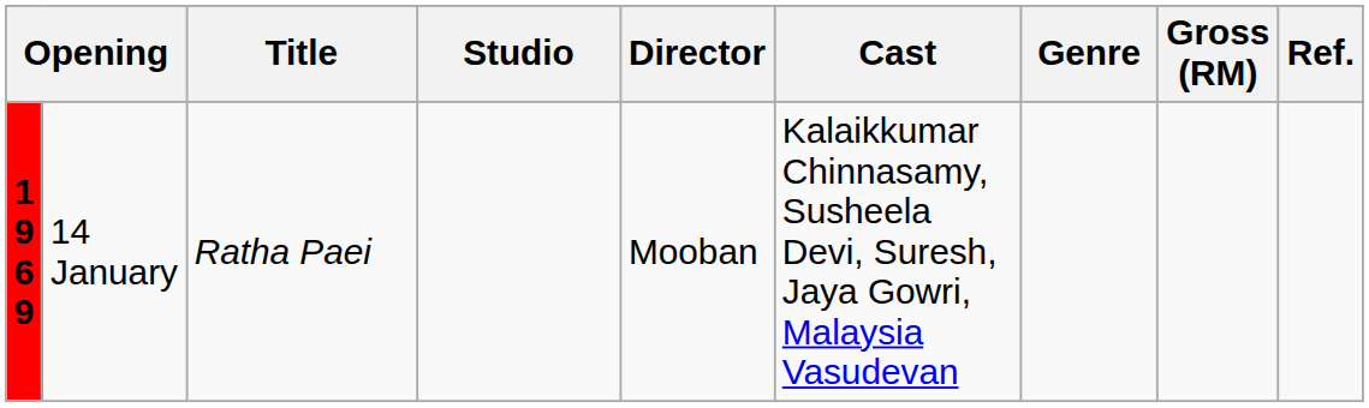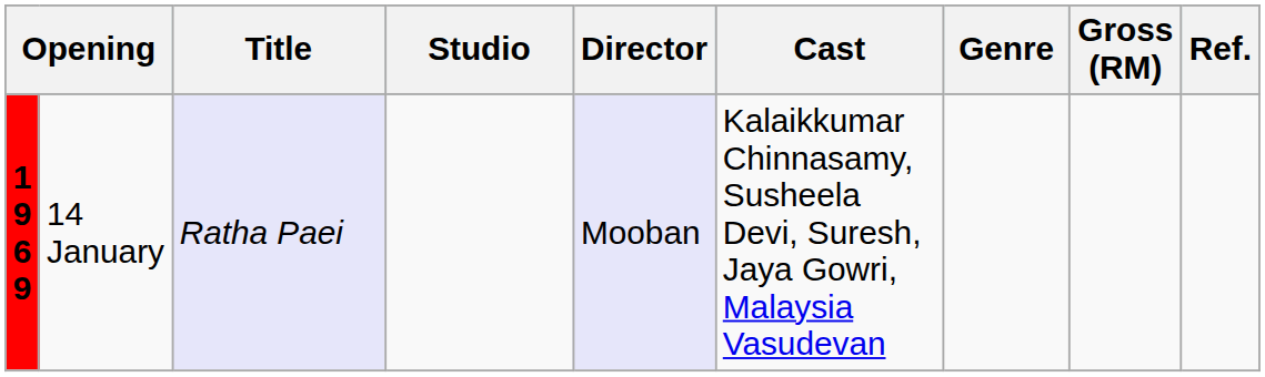 <table class="wikitable">
 <tr style="background:#b0e0e6; text-align:center;">
 <th colspan="2" ; style="width:10%;">Opening</th>
 <th style="width:17%;">Title</th>
 <th style="width:15%;">Studio</th>
 <th>Director</th>
 <th>Cast</th>
 <th style="width:10%;">Genre</th>
 <th>Gross (RM)</th>
 <th>Ref.</th>
 </tr>
 <tr>
 <th rowspan="1" style="text-align:center; background:#ff0000; textcolor:#000;">1<br>9<br>6<br>9</th>
 <td>14 January</td>
-<td><em>Ratha Paei</em></td>
+<td style="background: lavender;"><em>Ratha Paei</em></td>
 <td></td>
-<td>Mooban</td>
+<td style="background: lavender;">Mooban</td>
 <td>Kalaikkumar Chinnasamy, Susheela Devi, Suresh, Jaya Gowri, <a href='#'>Malaysia Vasudevan</a></td>
 <td></td>
 <td></td>
 <td></td>
 </tr>
 </table>
